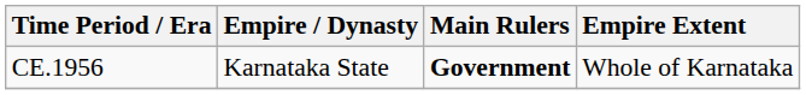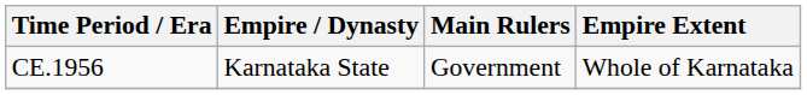 <table class="wikitable">
 <tr>
 <th style="text-align: left;">Time Period / Era</th>
 <th style="text-align: left;">Empire / Dynasty</th>
 <th style="text-align: left;">Main Rulers</th>
 <th style="text-align: left;">Empire Extent</th>
 </tr>
 <tr>
 <td>CE.1956</td>
 <td>Karnataka State</td>
-<td><strong>Government</strong></td>
+<td>Government</td>
 <td>Whole of Karnataka</td>
 </tr>
 <tr>
 </tr>
 </table>
